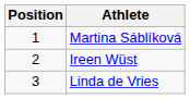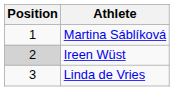 <table class="wikitable">
 <tr>
 <th>Position</th>
 <th>Athlete</th>
 </tr>
 <tr align="center">
 <td>1</td>
 <td align="left"> <a href='#'>Martina Sáblíková</a></td>
 </tr>
 <tr align="center">
-<td>2</td>
+<td style="background: lightgrey;">2</td>
 <td align="left"> <a href='#'>Ireen Wüst</a></td>
 </tr>
 <tr align="center">
 <td>3</td>
 <td align="left"> <a href='#'>Linda de Vries</a></td>
 </tr>
 </table>
